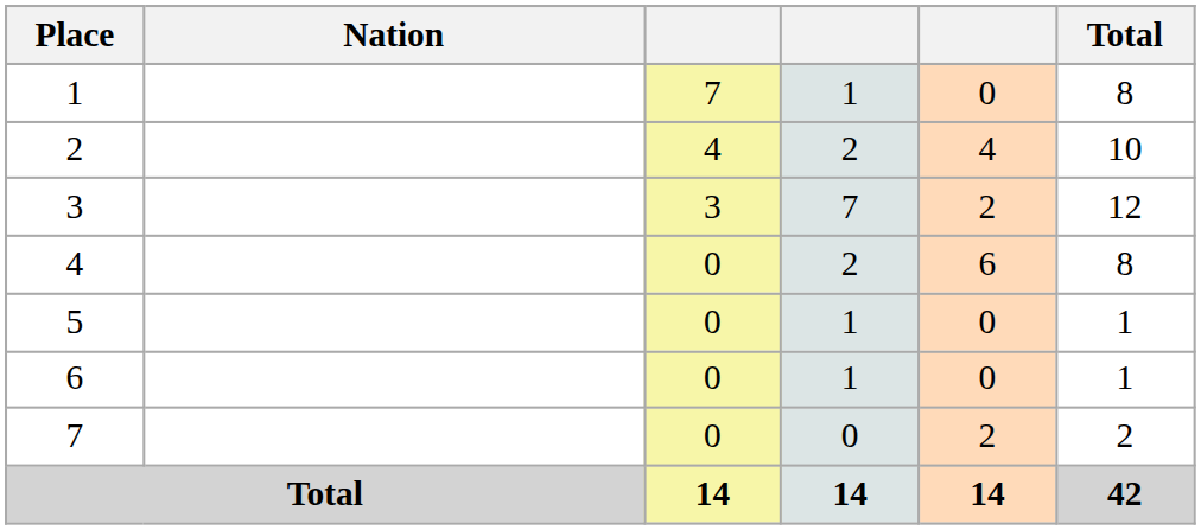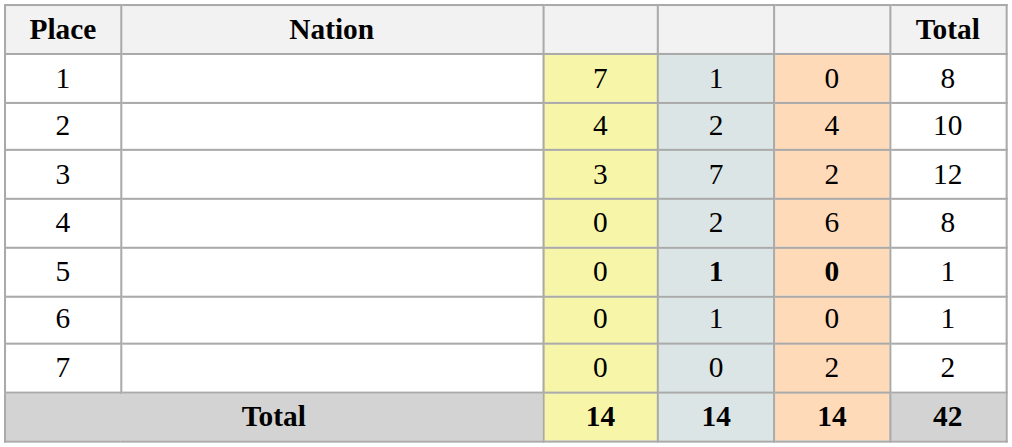 <table class=wikitable style="border:1px solid #AAAAAA;font-size:90%">
 <tr bgcolor="#EFEFEF">
 <th width=50>Place</th>
 <th width=200>Nation</th>
 <th width=50></th>
 <th width=50></th>
 <th width=50></th>
 <th width=50>Total</th>
 </tr>
 <tr align="center" valign="top" bgcolor="#FFFFFF">
 <td>1</td>
 <td align="left"></td>
 <td style="background:#F7F6A8;">7</td>
 <td style="background:#DCE5E5;">1</td>
 <td style="background:#FFDAB9;">0</td>
 <td>8</td>
 </tr>
 <tr align="center" valign="top" bgcolor="#FFFFFF">
 <td>2</td>
 <td align="left"></td>
 <td style="background:#F7F6A8;">4</td>
 <td style="background:#DCE5E5;">2</td>
 <td style="background:#FFDAB9;">4</td>
 <td>10</td>
 </tr>
 <tr align="center" valign="top" bgcolor="#FFFFFF">
 <td>3</td>
 <td align="left"></td>
 <td style="background:#F7F6A8;">3</td>
 <td style="background:#DCE5E5;">7</td>
 <td style="background:#FFDAB9;">2</td>
 <td>12</td>
 </tr>
 <tr align="center" valign="top" bgcolor="#FFFFFF">
 <td>4</td>
 <td align="left"></td>
 <td style="background:#F7F6A8;">0</td>
 <td style="background:#DCE5E5;">2</td>
 <td style="background:#FFDAB9;">6</td>
 <td>8</td>
 </tr>
 <tr align="center" valign="top" bgcolor="#FFFFFF">
 <td>5</td>
 <td align="left"></td>
 <td style="background:#F7F6A8;">0</td>
-<td style="background:#DCE5E5;">1</td>
-<td style="background:#FFDAB9;">0</td>
+<td style="background:#DCE5E5;"><strong>1</strong></td>
+<td style="background:#FFDAB9;"><strong>0</strong></td>
 <td>1</td>
 </tr>
 <tr align="center" valign="top" bgcolor="#FFFFFF">
 <td>6</td>
 <td align="left"></td>
 <td style="background:#F7F6A8;">0</td>
 <td style="background:#DCE5E5;">1</td>
 <td style="background:#FFDAB9;">0</td>
 <td>1</td>
 </tr>
 <tr align="center" valign="top" bgcolor="#FFFFFF">
 <td>7</td>
 <td align="left"></td>
 <td style="background:#F7F6A8;">0</td>
 <td style="background:#DCE5E5;">0</td>
 <td style="background:#FFDAB9;">2</td>
 <td>2</td>
 </tr>
 <tr align="center">
 <td colspan="2" bgcolor=D3D3D3><strong>Total</strong></td>
 <td style="background:#F7F6A8;"><strong>14</strong></td>
 <td style="background:#DCE5E5;"><strong>14</strong></td>
 <td style="background:#FFDAB9;"><strong>14</strong></td>
 <td bgcolor=D3D3D3><strong>42</strong></td>
 </tr>
 </table>
